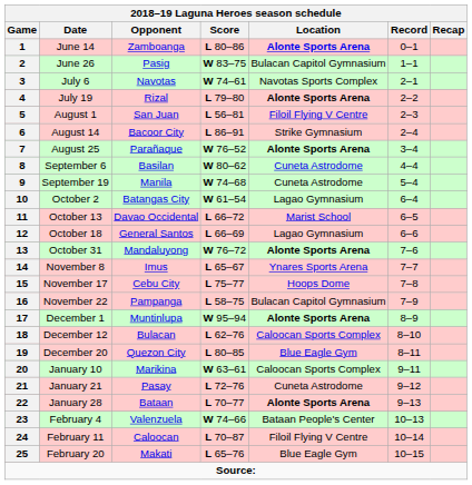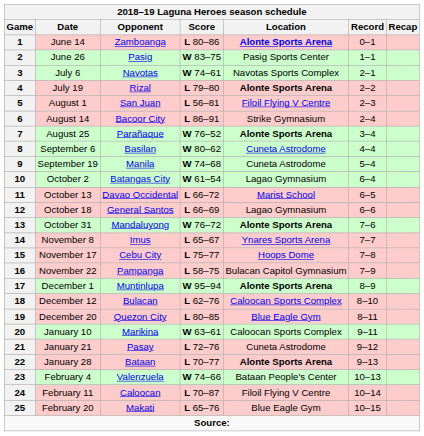 <table class="wikitable" style="text-align:center">
 <tr>
 <th colspan=7>2018–19 Laguna Heroes season schedule</th>
 </tr>
 <tr>
 <th>Game</th>
 <th>Date</th>
 <th>Opponent</th>
 <th>Score</th>
 <th>Location</th>
 <th>Record</th>
 <th>Recap<br></th>
 </tr>
 <tr style="background:#fcc">
 <th>1</th>
 <td>June 14</td>
 <td><a href='#'>Zamboanga</a></td>
 <td><strong>L</strong> 80–86</td>
 <td><strong><a href='#'>Alonte Sports Arena</a></strong></td>
 <td>0–1</td>
 <td></td>
 </tr>
 <tr style="background:#cfc">
 <th>2</th>
 <td>June 26</td>
 <td><a href='#'>Pasig</a></td>
 <td><strong>W</strong> 83–75</td>
-<td>Bulacan Capitol Gymnasium</td>
+<td>Pasig Sports Center</td>
 <td>1–1</td>
 <td></td>
 </tr>
 <tr style="background:#cfc">
 <th>3</th>
 <td>July 6</td>
 <td><a href='#'>Navotas</a></td>
 <td><strong>W</strong> 74–61</td>
 <td>Navotas Sports Complex</td>
 <td>2–1</td>
 <td></td>
 </tr>
 <tr style="background:#fcc">
 <th>4</th>
 <td>July 19</td>
 <td><a href='#'>Rizal</a></td>
 <td><strong>L</strong> 79–80</td>
 <td><strong>Alonte Sports Arena</strong></td>
 <td>2–2</td>
 <td></td>
 </tr>
 <tr style="background:#fcc">
 <th>5</th>
 <td>August 1</td>
 <td><a href='#'>San Juan</a></td>
 <td><strong>L</strong> 56–81</td>
 <td><a href='#'>Filoil Flying V Centre</a></td>
 <td>2–3</td>
 <td></td>
 </tr>
 <tr style="background:#fcc">
 <th>6</th>
 <td>August 14</td>
 <td><a href='#'>Bacoor City</a></td>
 <td><strong>L</strong> 86–91</td>
 <td>Strike Gymnasium</td>
 <td>2–4</td>
 <td></td>
 </tr>
 <tr style="background:#cfc">
 <th>7</th>
 <td>August 25</td>
 <td><a href='#'>Parañaque</a></td>
 <td><strong>W</strong> 76–52</td>
 <td><strong>Alonte Sports Arena</strong></td>
 <td>3–4</td>
 <td></td>
 </tr>
 <tr style="background:#cfc">
 <th>8</th>
 <td>September 6</td>
 <td><a href='#'>Basilan</a></td>
 <td><strong>W</strong> 80–62</td>
 <td><a href='#'>Cuneta Astrodome</a></td>
 <td>4–4</td>
 <td></td>
 </tr>
 <tr style="background:#cfc">
 <th>9</th>
 <td>September 19</td>
 <td><a href='#'>Manila</a></td>
 <td><strong>W</strong> 74–68</td>
 <td>Cuneta Astrodome</td>
 <td>5–4</td>
 <td><br></td>
 </tr>
 <tr style="background:#cfc">
 <th>10</th>
 <td>October 2</td>
 <td><a href='#'>Batangas City</a></td>
 <td><strong>W</strong> 61–54</td>
 <td>Lagao Gymnasium</td>
 <td>6–4</td>
 <td></td>
 </tr>
 <tr style="background:#fcc">
 <th>11</th>
 <td>October 13</td>
 <td><a href='#'>Davao Occidental</a></td>
 <td><strong>L</strong> 66–72</td>
 <td><a href='#'>Marist School</a></td>
 <td>6–5</td>
 <td></td>
 </tr>
 <tr style="background:#fcc">
 <th>12</th>
 <td>October 18</td>
 <td><a href='#'>General Santos</a></td>
 <td><strong>L</strong> 66–69</td>
 <td>Lagao Gymnasium</td>
 <td>6–6</td>
 <td></td>
 </tr>
 <tr style="background:#cfc">
 <th>13</th>
 <td>October 31</td>
 <td><a href='#'>Mandaluyong</a></td>
 <td><strong>W</strong> 76–72</td>
 <td><strong>Alonte Sports Arena</strong></td>
 <td>7–6</td>
 <td></td>
 </tr>
 <tr style="background:#fcc">
 <th>14</th>
 <td>November 8</td>
 <td><a href='#'>Imus</a></td>
 <td><strong>L</strong> 65–67</td>
 <td><a href='#'>Ynares Sports Arena</a></td>
 <td>7–7</td>
 <td></td>
 </tr>
 <tr style="background:#fcc">
 <th>15</th>
 <td>November 17</td>
 <td><a href='#'>Cebu City</a></td>
 <td><strong>L</strong> 75–77 </td>
 <td><a href='#'>Hoops Dome</a></td>
 <td>7–8</td>
 <td></td>
 </tr>
 <tr style="background:#fcc">
 <th>16</th>
 <td>November 22</td>
 <td><a href='#'>Pampanga</a></td>
 <td><strong>L</strong> 58–75</td>
 <td>Bulacan Capitol Gymnasium</td>
 <td>7–9</td>
 <td></td>
 </tr>
 <tr style="background:#cfc">
 <th>17</th>
 <td>December 1</td>
 <td><a href='#'>Muntinlupa</a></td>
 <td><strong>W</strong> 95–94</td>
 <td><strong>Alonte Sports Arena</strong></td>
 <td>8–9</td>
 <td></td>
 </tr>
 <tr style="background:#fcc">
 <th>18</th>
 <td>December 12</td>
 <td><a href='#'>Bulacan</a></td>
 <td><strong>L</strong> 62–76</td>
 <td><a href='#'>Caloocan Sports Complex</a></td>
 <td>8–10</td>
 <td></td>
 </tr>
 <tr style="background:#fcc">
 <th>19</th>
 <td>December 20</td>
 <td><a href='#'>Quezon City</a></td>
 <td><strong>L</strong> 80–85</td>
 <td><a href='#'>Blue Eagle Gym</a></td>
 <td>8–11</td>
 <td><br></td>
 </tr>
 <tr style="background:#cfc">
 <th>20</th>
 <td>January 10</td>
 <td><a href='#'>Marikina</a></td>
 <td><strong>W</strong> 63–61</td>
 <td>Caloocan Sports Complex</td>
 <td>9–11</td>
 <td></td>
 </tr>
 <tr style="background:#fcc">
 <th>21</th>
 <td>January 21</td>
 <td><a href='#'>Pasay</a></td>
 <td><strong>L</strong> 72–76</td>
 <td>Cuneta Astrodome</td>
 <td>9–12</td>
 <td></td>
 </tr>
 <tr style="background:#fcc">
 <th>22</th>
 <td>January 28</td>
 <td><a href='#'>Bataan</a></td>
 <td><strong>L</strong> 70–77</td>
 <td><strong>Alonte Sports Arena</strong></td>
 <td>9–13</td>
 <td></td>
 </tr>
 <tr style="background:#cfc">
 <th>23</th>
 <td>February 4</td>
 <td><a href='#'>Valenzuela</a></td>
 <td><strong>W</strong> 74–66</td>
 <td>Bataan People's Center</td>
 <td>10–13</td>
 <td></td>
 </tr>
 <tr style="background:#fcc">
 <th>24</th>
 <td>February 11</td>
 <td><a href='#'>Caloocan</a></td>
 <td><strong>L</strong> 70–87</td>
 <td>Filoil Flying V Centre</td>
 <td>10–14</td>
 <td></td>
 </tr>
 <tr style="background:#fcc">
 <th>25</th>
 <td>February 20</td>
 <td><a href='#'>Makati</a></td>
 <td><strong>L</strong> 65–76</td>
 <td>Blue Eagle Gym</td>
 <td>10–15</td>
 <td></td>
 </tr>
 <tr>
 <td colspan=7 align=center><strong>Source: </strong></td>
 </tr>
 </table>
